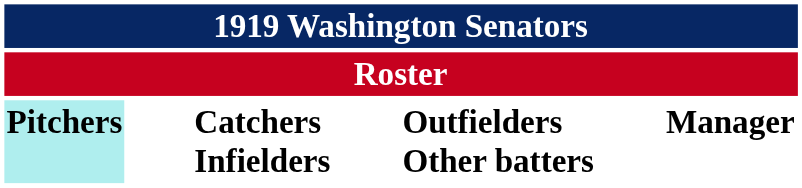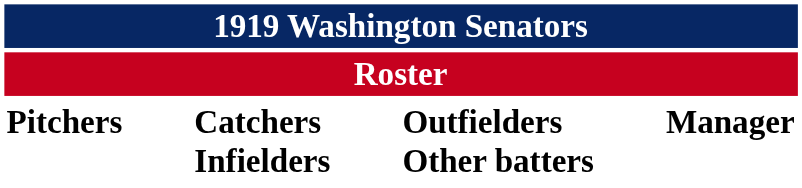 <table class="toccolours" style="font-size: 95%;">
 <tr>
 <th colspan="10" style="background-color: #072764; color: white; text-align: center;">1919 Washington Senators</th>
 </tr>
 <tr>
 <td colspan="10" style="background-color: #c6011f; color: white; text-align: center;"><strong>Roster</strong></td>
 </tr>
 <tr>
-<td valign="top" style="background: paleturquoise;"><strong>Pitchers</strong><br>                 </td>
+<td valign="top"><strong>Pitchers</strong><br>                 </td>
 <td width="25px"></td>
 <td valign="top"><strong>Catchers</strong><br>   <strong>Infielders</strong>             </td>
 <td width="25px"></td>
 <td valign="top"><strong>Outfielders</strong><br>     <strong>Other batters</strong> </td>
 <td width="25px"></td>
 <td valign="top"><strong>Manager</strong><br></td>
 </tr>
 </table>
